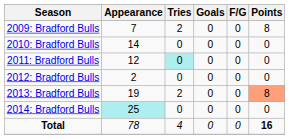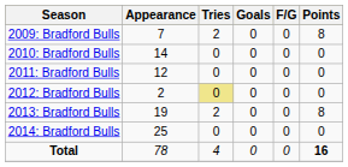 <table class="wikitable" style="text-align:center;">
 <tr bgcolor=#bdb76b>
 <th>Season</th>
 <th>Appearance</th>
 <th>Tries</th>
 <th>Goals</th>
 <th>F/G</th>
 <th>Points</th>
 </tr>
 <tr>
 <td><a href='#'>2009: Bradford Bulls</a></td>
 <td>7</td>
 <td>2</td>
 <td>0</td>
 <td>0</td>
 <td>8</td>
 </tr>
 <tr>
 <td><a href='#'>2010: Bradford Bulls</a></td>
 <td>14</td>
 <td>0</td>
 <td>0</td>
 <td>0</td>
 <td>0</td>
 </tr>
 <tr>
 <td><a href='#'>2011: Bradford Bulls</a></td>
 <td>12</td>
-<td style="background: paleturquoise;">0</td>
+<td>0</td>
 <td>0</td>
 <td>0</td>
 <td>0</td>
 </tr>
 <tr>
 <td><a href='#'>2012: Bradford Bulls</a></td>
 <td>2</td>
-<td>0</td>
+<td style="background: khaki;">0</td>
 <td>0</td>
 <td>0</td>
 <td>0</td>
 </tr>
 <tr>
 <td><a href='#'>2013: Bradford Bulls</a></td>
 <td>19</td>
 <td>2</td>
 <td>0</td>
 <td>0</td>
-<td style="background: lightsalmon;">8</td>
+<td>8</td>
 </tr>
 <tr>
 <td><a href='#'>2014: Bradford Bulls</a></td>
-<td style="background: paleturquoise;">25</td>
+<td>25</td>
 <td>0</td>
 <td>0</td>
 <td>0</td>
 <td>0</td>
 </tr>
 <tr>
 <td><strong>Total</strong></td>
 <td><em>78</em></td>
 <td><em>4</em></td>
 <td><em>0</em></td>
 <td><em>0</em></td>
 <td><strong>16</strong></td>
 </tr>
 <tr>
 </tr>
 </table>
